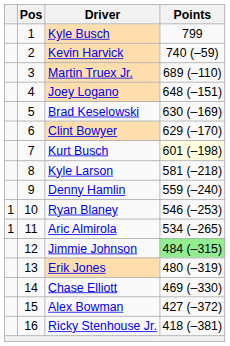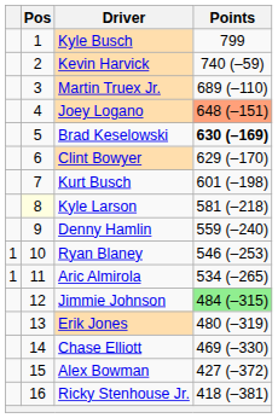 <table class="wikitable" style="font-size: 95%">
 <tr>
 <th></th>
 <th>Pos</th>
 <th>Driver</th>
 <th>Points</th>
 </tr>
 <tr>
 <td align="left"></td>
 <td style="text-align:center;">1</td>
 <td style="background:#FFDEAD;"><a href='#'>Kyle Busch</a></td>
 <td style="text-align:center;">799</td>
 </tr>
 <tr>
 <td align="left"></td>
 <td style="text-align:center;">2</td>
 <td style="background:#FFDEAD;"><a href='#'>Kevin Harvick</a></td>
 <td style="text-align:center;">740 (–59)</td>
 </tr>
 <tr>
 <td align="left"></td>
 <td style="text-align:center;">3</td>
 <td style="background:#FFDEAD;"><a href='#'>Martin Truex Jr.</a></td>
 <td style="text-align:center;">689 (–110)</td>
 </tr>
 <tr>
 <td align="left"></td>
 <td style="text-align:center;">4</td>
 <td style="background:#FFDEAD;"><a href='#'>Joey Logano</a></td>
-<td style="text-align:center;">648 (–151)</td>
+<td style="background: lightsalmon; text-align:center;">648 (–151)</td>
 </tr>
 <tr>
 <td align="left"></td>
 <td style="text-align:center;">5</td>
 <td><a href='#'>Brad Keselowski</a></td>
-<td style="text-align:center;">630 (–169)</td>
+<td style="text-align:center;"><strong>630 (–169)</strong></td>
 </tr>
 <tr>
 <td align="left"></td>
 <td style="text-align:center;">6</td>
 <td style="background:#FFDEAD;"><a href='#'>Clint Bowyer</a></td>
 <td style="text-align:center;">629 (–170)</td>
 </tr>
 <tr>
 <td align="left"></td>
 <td style="text-align:center;">7</td>
 <td><a href='#'>Kurt Busch</a></td>
-<td style="background: lightyellow; text-align:center;">601 (–198)</td>
+<td style="text-align:center;">601 (–198)</td>
 </tr>
 <tr>
 <td align="left"></td>
-<td style="text-align:center;">8</td>
+<td style="background: lightyellow; text-align:center;">8</td>
 <td><a href='#'>Kyle Larson</a></td>
 <td style="text-align:center;">581 (–218)</td>
 </tr>
 <tr>
 <td align="left"></td>
 <td style="text-align:center;">9</td>
 <td><a href='#'>Denny Hamlin</a></td>
 <td style="text-align:center;">559 (–240)</td>
 </tr>
 <tr>
 <td align="left"> 1</td>
 <td style="text-align:center;">10</td>
 <td><a href='#'>Ryan Blaney</a></td>
 <td style="text-align:center;">546 (–253)</td>
 </tr>
 <tr>
 <td align="left"> 1</td>
 <td style="text-align:center;">11</td>
 <td><a href='#'>Aric Almirola</a></td>
 <td style="text-align:center;">534 (–265)</td>
 </tr>
 <tr>
 <td align="left"></td>
 <td style="text-align:center;">12</td>
 <td><a href='#'>Jimmie Johnson</a></td>
 <td style="background: lightgreen; text-align:center;">484 (–315)</td>
 </tr>
 <tr>
 <td align="left"></td>
 <td style="text-align:center;">13</td>
 <td style="background:#FFDEAD;"><a href='#'>Erik Jones</a></td>
 <td style="text-align:center;">480 (–319)</td>
 </tr>
 <tr>
 <td align="left"></td>
 <td style="text-align:center;">14</td>
 <td><a href='#'>Chase Elliott</a></td>
 <td style="text-align:center;">469 (–330)</td>
 </tr>
 <tr>
 <td align="left"></td>
 <td style="text-align:center;">15</td>
 <td><a href='#'>Alex Bowman</a></td>
 <td style="text-align:center;">427 (–372)</td>
 </tr>
 <tr>
 <td align="left"></td>
 <td style="text-align:center;">16</td>
 <td><a href='#'>Ricky Stenhouse Jr.</a></td>
 <td style="text-align:center;">418 (–381)</td>
 </tr>
 <tr class="sortbottom">
 <th colspan="9"></th>
 </tr>
 </table>
